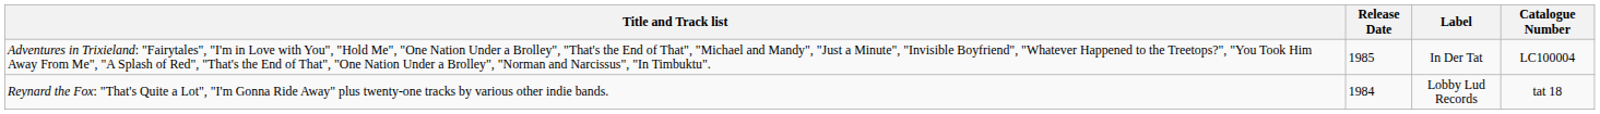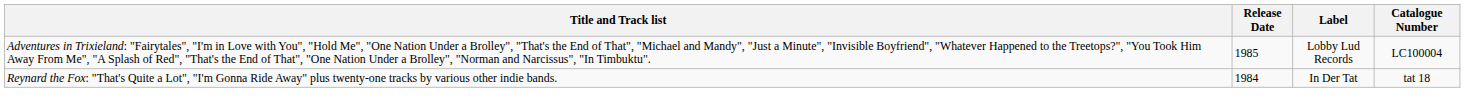 <table class="wikitable">
 <tr>
 <th>Title and Track list</th>
 <th>Release Date</th>
 <th>Label</th>
 <th>Catalogue Number</th>
 </tr>
 <tr>
 <td><em>Adventures in Trixieland</em>: "Fairytales", "I'm in Love with You", "Hold Me", "One Nation Under a Brolley", "That's the End of That", "Michael and Mandy", "Just a Minute", "Invisible Boyfriend", "Whatever Happened to the Treetops?", "You Took Him Away From Me", "A Splash of Red", "That's the End of That", "One Nation Under a Brolley", "Norman and Narcissus", "In Timbuktu".</td>
 <td>1985</td>
-<td style="text-align:center;">In Der Tat</td>
+<td style="text-align:center;">Lobby Lud Records</td>
 <td style="text-align:center;">LC100004</td>
 </tr>
 <tr>
 <td><em>Reynard the Fox</em>: "That's Quite a Lot", "I'm Gonna Ride Away" plus twenty-one tracks by various other indie bands.</td>
 <td>1984</td>
-<td style="text-align:center;">Lobby Lud Records</td>
+<td style="text-align:center;">In Der Tat</td>
 <td style="text-align:center;">tat 18</td>
 </tr>
 </table>
